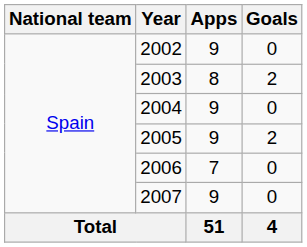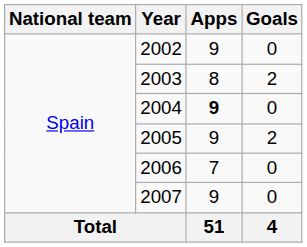 <table class="wikitable" style="text-align:center">
 <tr>
 <th>National team</th>
 <th>Year</th>
 <th>Apps</th>
 <th>Goals</th>
 </tr>
 <tr>
 <td rowspan="6"><a href='#'>Spain</a></td>
 <td>2002</td>
 <td>9</td>
 <td>0</td>
 </tr>
 <tr>
 <td>2003</td>
 <td>8</td>
 <td>2</td>
 </tr>
 <tr>
 <td>2004</td>
-<td>9</td>
+<td><strong>9</strong></td>
 <td>0</td>
 </tr>
 <tr>
 <td>2005</td>
 <td>9</td>
 <td>2</td>
 </tr>
 <tr>
 <td>2006</td>
 <td>7</td>
 <td>0</td>
 </tr>
 <tr>
 <td>2007</td>
 <td>9</td>
 <td>0</td>
 </tr>
 <tr>
 <th colspan="2">Total</th>
 <th>51</th>
 <th>4</th>
 </tr>
 </table>
